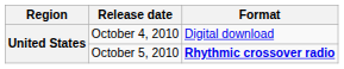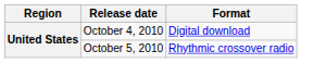 <table class="wikitable plainrowheaders">
 <tr>
 <th scope="col">Region</th>
 <th scope="col">Release date</th>
 <th scope="col">Format</th>
 </tr>
 <tr>
 <th scope="row" rowspan="2">United States</th>
 <td>October 4, 2010</td>
 <td><a href='#'>Digital download</a></td>
 </tr>
 <tr>
 <td>October 5, 2010</td>
-<td><strong><a href='#'>Rhythmic crossover radio</a></strong></td>
+<td><a href='#'>Rhythmic crossover radio</a></td>
 </tr>
 </table>
